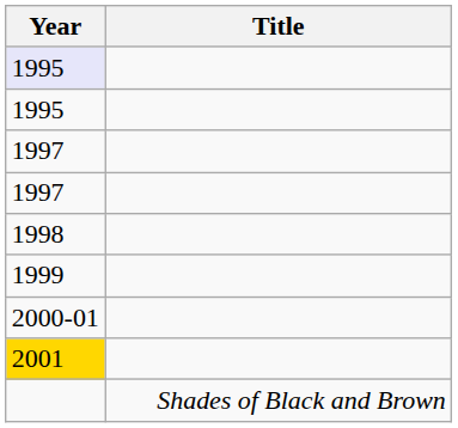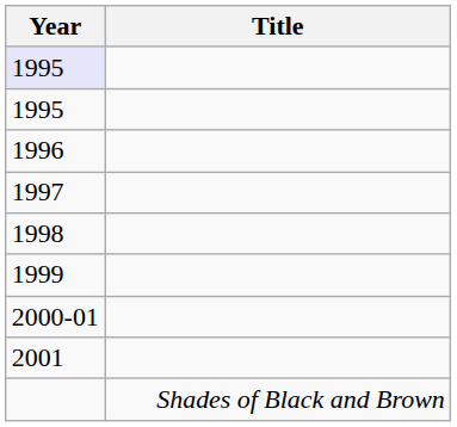 <table class="wikitable">
 <tr>
 <th>Year</th>
 <th>Title</th>
 </tr>
 <tr>
 <td style="background: lavender;">1995</td>
 <td><em></em></td>
 </tr>
 <tr>
 <td>1995</td>
 <td><em></em></td>
 </tr>
 <tr>
-<td>1997</td>
+<td>1996</td>
 <td><em></em></td>
 </tr>
 <tr>
 <td>1997</td>
 <td></td>
 </tr>
 <tr>
 <td>1998</td>
 <td><em></em></td>
 </tr>
 <tr>
 <td>1999</td>
 <td><em></em></td>
 </tr>
 <tr>
 <td>2000-01</td>
 <td><em></em></td>
 </tr>
 <tr>
-<td style="background: gold;">2001</td>
+<td>2001</td>
 <td><em></em></td>
 </tr>
 <tr>
 <td></td>
 <td>       <em>Shades of Black and Brown</em></td>
 </tr>
 </table>
